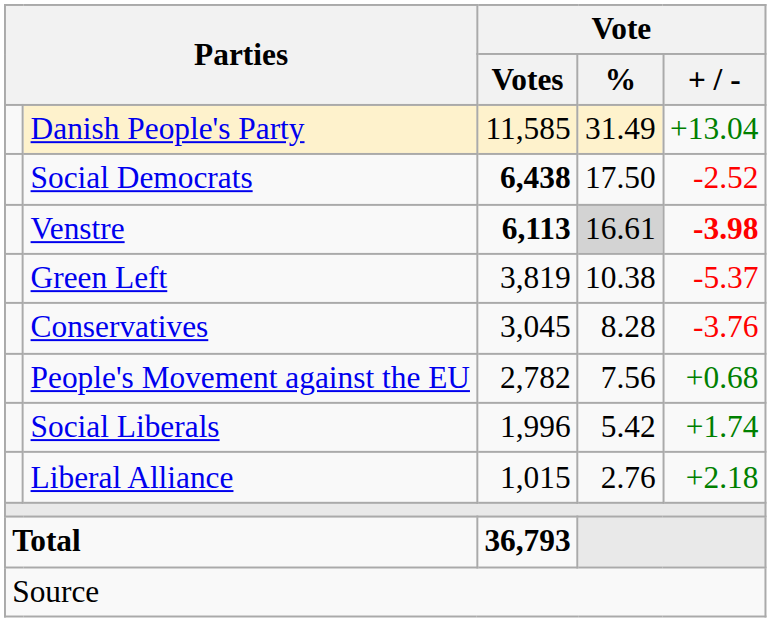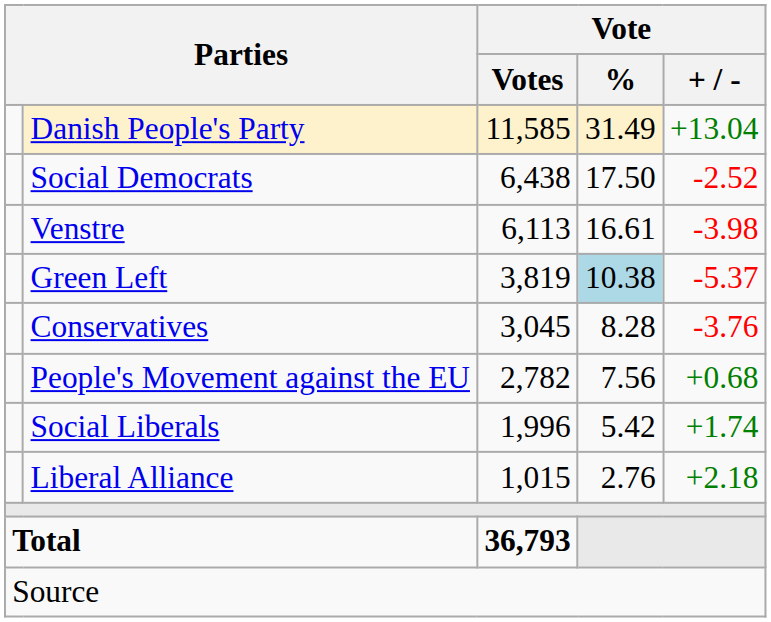 <table class="wikitable" style="text-align:right;">
 <tr>
 <th style="text-align:centre;" rowspan="2" colspan="2" width="225">Parties</th>
 <th colspan="3">Vote</th>
 </tr>
 <tr>
 <th width="15">Votes</th>
 <th width="15">%</th>
 <th width="15">+ / -</th>
 </tr>
 <tr>
 <td width="2" style="color:inherit;background:"></td>
 <td bgcolor=#fef2cc   align="left"><a href='#'>Danish People's Party</a></td>
 <td bgcolor=#fef2cc>11,585</td>
 <td bgcolor=#fef2cc>31.49</td>
 <td style=color:green;>+13.04</td>
 </tr>
 <tr>
 <td width="2" style="color:inherit;background:"></td>
 <td align="left"><a href='#'>Social Democrats</a></td>
-<td><strong>6,438</strong></td>
+<td>6,438</td>
 <td>17.50</td>
 <td style=color:red;>-2.52</td>
 </tr>
 <tr>
 <td width="2" style="color:inherit;background:"></td>
 <td align="left"><a href='#'>Venstre</a></td>
-<td><strong>6,113</strong></td>
-<td style="background: lightgrey;">16.61</td>
-<td style=color:red;><strong>-3.98</strong></td>
+<td>6,113</td>
+<td>16.61</td>
+<td style=color:red;>-3.98</td>
 </tr>
 <tr>
 <td width="2" style="color:inherit;background:"></td>
 <td align="left"><a href='#'>Green Left</a></td>
 <td>3,819</td>
-<td>10.38</td>
+<td style="background: lightblue;">10.38</td>
 <td style=color:red;>-5.37</td>
 </tr>
 <tr>
 <td width="2" style="color:inherit;background:"></td>
 <td align="left"><a href='#'>Conservatives</a></td>
 <td>3,045</td>
 <td>8.28</td>
 <td style=color:red;>-3.76</td>
 </tr>
 <tr>
 <td width="2" style="color:inherit;background:"></td>
 <td align="left"><a href='#'>People's Movement against the EU</a></td>
 <td>2,782</td>
 <td>7.56</td>
 <td style=color:green;>+0.68</td>
 </tr>
 <tr>
 <td width="2" style="color:inherit;background:"></td>
 <td align="left"><a href='#'>Social Liberals</a></td>
 <td>1,996</td>
 <td>5.42</td>
 <td style=color:green;>+1.74</td>
 </tr>
 <tr>
 <td width="2" style="color:inherit;background:"></td>
 <td align="left"><a href='#'>Liberal Alliance</a></td>
 <td>1,015</td>
 <td>2.76</td>
 <td style=color:green;>+2.18</td>
 </tr>
 <tr>
 <td colspan="7" bgcolor="#E9E9E9"></td>
 </tr>
 <tr>
 <td align="left" colspan="2"><strong>Total</strong></td>
 <td><strong>36,793</strong></td>
 <td bgcolor="#E9E9E9" colspan="2"></td>
 </tr>
 <tr>
 <td align="left" colspan="6">Source</td>
 </tr>
 </table>
